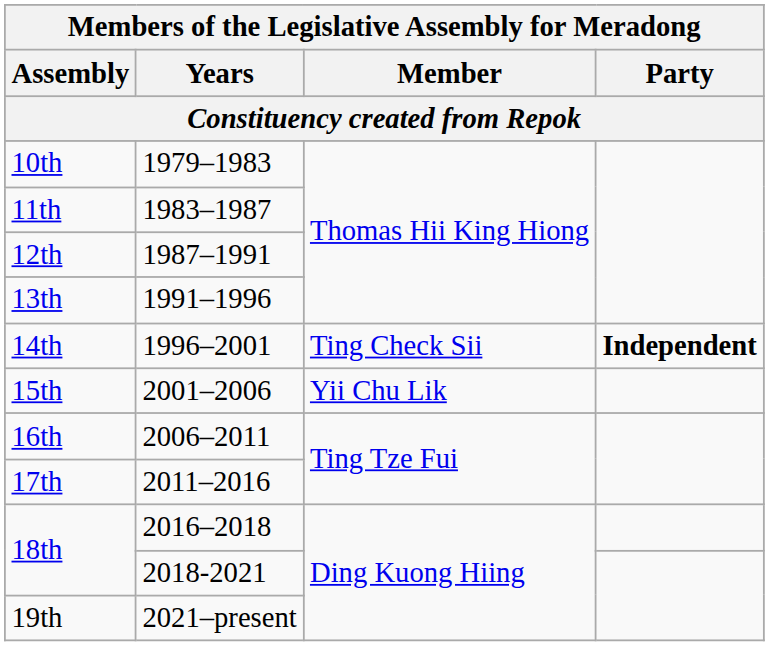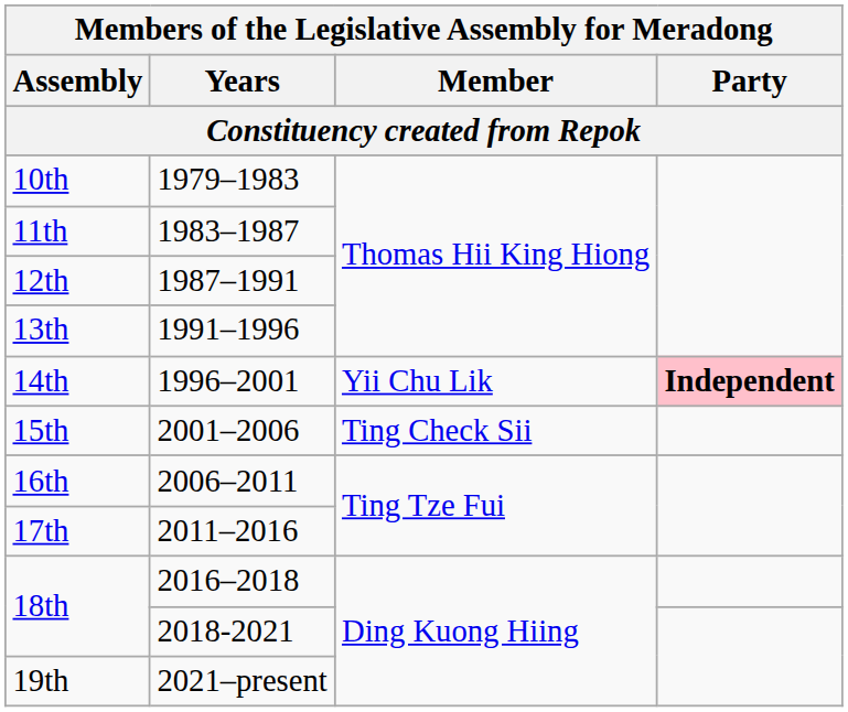 <table class=wikitable>
 <tr>
 <th colspan="4">Members of the Legislative Assembly for Meradong</th>
 </tr>
 <tr>
 <th>Assembly</th>
 <th>Years</th>
 <th>Member</th>
 <th>Party</th>
 </tr>
 <tr>
 <th colspan=4 align=center><em>Constituency created from Repok</em></th>
 </tr>
 <tr>
 <td><a href='#'>10th</a></td>
 <td>1979–1983</td>
 <td rowspan="4"><a href='#'>Thomas Hii King Hiong</a></td>
 <td rowspan="4"></td>
 </tr>
 <tr>
 <td><a href='#'>11th</a></td>
 <td>1983–1987</td>
 </tr>
 <tr>
 <td><a href='#'>12th</a></td>
 <td>1987–1991</td>
 </tr>
 <tr>
 <td><a href='#'>13th</a></td>
 <td>1991–1996</td>
 </tr>
 <tr>
 <td><a href='#'>14th</a></td>
 <td>1996–2001</td>
-<td><a href='#'>Ting Check Sii</a></td>
-<td><strong>Independent</strong></td>
+<td><a href='#'>Yii Chu Lik</a></td>
+<td style="background: pink;"><strong>Independent</strong></td>
 </tr>
 <tr>
 <td><a href='#'>15th</a></td>
 <td>2001–2006</td>
-<td><a href='#'>Yii Chu Lik</a></td>
+<td><a href='#'>Ting Check Sii</a></td>
 <td></td>
 </tr>
 <tr>
 <td><a href='#'>16th</a></td>
 <td>2006–2011</td>
 <td rowspan=2><a href='#'>Ting Tze Fui</a></td>
 <td rowspan=2></td>
 </tr>
 <tr>
 <td><a href='#'>17th</a></td>
 <td>2011–2016</td>
 </tr>
 <tr>
 <td rowspan="2"><a href='#'>18th</a></td>
 <td>2016–2018</td>
 <td rowspan="3"><a href='#'>Ding Kuong Hiing</a></td>
 <td></td>
 </tr>
 <tr>
 <td>2018-2021</td>
 <td rowspan=2></td>
 </tr>
 <tr>
 <td>19th</td>
 <td>2021–present</td>
 </tr>
 </table>
